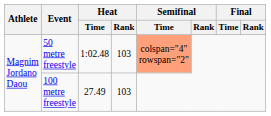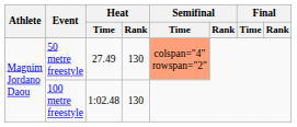 <table class="wikitable" style="text-align:center; font-size:90%; width:50%;">
 <tr>
 <th rowspan="2">Athlete</th>
 <th rowspan="2">Event</th>
 <th colspan="2">Heat</th>
 <th colspan="2">Semifinal</th>
 <th colspan="2">Final</th>
 </tr>
 <tr style="font-size:95%">
 <th>Time</th>
 <th>Rank</th>
 <th>Time</th>
 <th>Rank</th>
 <th>Time</th>
 <th>Rank</th>
 </tr>
 <tr align=center>
 <td align=left rowspan="2"><a href='#'>Magnim Jordano Daou</a></td>
 <td align=left><a href='#'>50 metre freestyle</a></td>
-<td>1:02.48</td>
-<td>103</td>
+<td>27.49</td>
+<td>130</td>
 <td style="background: lightsalmon;">colspan="4" rowspan="2"</td>
 </tr>
 <tr align=center>
 <td align=left><a href='#'>100 metre freestyle</a></td>
-<td>27.49</td>
-<td>103</td>
+<td>1:02.48</td>
+<td>130</td>
 </tr>
 </table>
